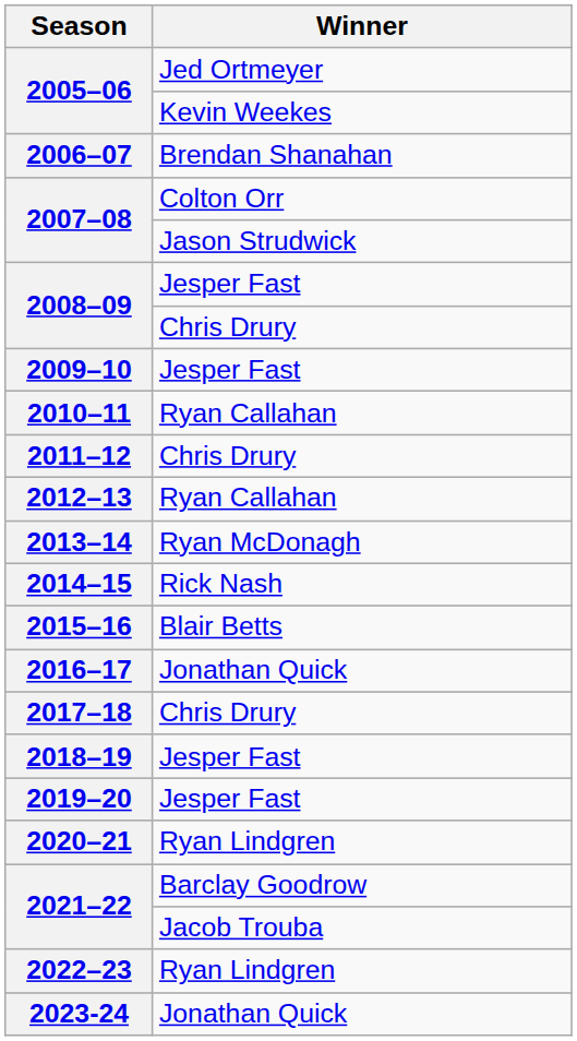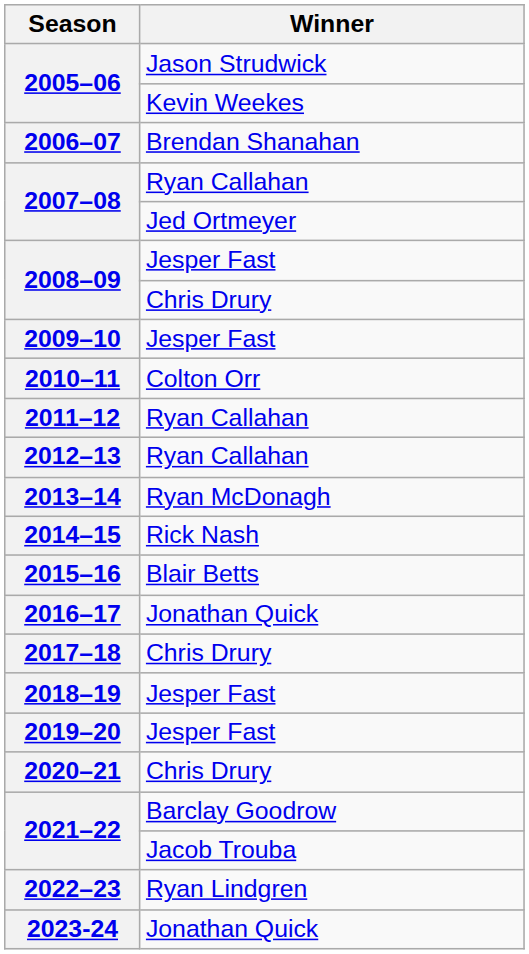 <table class="wikitable">
 <tr>
 <th scope="col" style="width:5em">Season</th>
 <th scope="col" style="width:15em">Winner</th>
 </tr>
 <tr>
 <th scope="row" rowspan="2"><a href='#'>2005–06</a></th>
-<td><a href='#'>Jed Ortmeyer</a></td>
+<td><a href='#'>Jason Strudwick</a></td>
 </tr>
 <tr>
 <td><a href='#'>Kevin Weekes</a></td>
 </tr>
 <tr>
 <th scope="row"><a href='#'>2006–07</a></th>
 <td><a href='#'>Brendan Shanahan</a></td>
 </tr>
 <tr>
 <th scope="row" rowspan="2"><a href='#'>2007–08</a></th>
-<td><a href='#'>Colton Orr</a></td>
+<td><a href='#'>Ryan Callahan</a></td>
 </tr>
 <tr>
-<td><a href='#'>Jason Strudwick</a></td>
+<td><a href='#'>Jed Ortmeyer</a></td>
 </tr>
 <tr>
 <th scope="row" rowspan="2"><a href='#'>2008–09</a></th>
 <td><a href='#'>Jesper Fast</a></td>
 </tr>
 <tr>
 <td><a href='#'>Chris Drury</a></td>
 </tr>
 <tr>
 <th scope="row"><a href='#'>2009–10</a></th>
 <td><a href='#'>Jesper Fast</a></td>
 </tr>
 <tr>
 <th scope="row"><a href='#'>2010–11</a></th>
-<td><a href='#'>Ryan Callahan</a></td>
+<td><a href='#'>Colton Orr</a></td>
 </tr>
 <tr>
 <th scope="row"><a href='#'>2011–12</a></th>
-<td><a href='#'>Chris Drury</a></td>
+<td><a href='#'>Ryan Callahan</a></td>
 </tr>
 <tr>
 <th scope="row"><a href='#'>2012–13</a></th>
 <td><a href='#'>Ryan Callahan</a></td>
 </tr>
 <tr>
 <th scope="row"><a href='#'>2013–14</a></th>
 <td><a href='#'>Ryan McDonagh</a></td>
 </tr>
 <tr>
 <th scope="row"><a href='#'>2014–15</a></th>
 <td><a href='#'>Rick Nash</a></td>
 </tr>
 <tr>
 <th scope="row"><a href='#'>2015–16</a></th>
 <td><a href='#'>Blair Betts</a></td>
 </tr>
 <tr>
 <th scope="row"><a href='#'>2016–17</a></th>
 <td><a href='#'>Jonathan Quick</a></td>
 </tr>
 <tr>
 <th scope="row"><a href='#'>2017–18</a></th>
 <td><a href='#'>Chris Drury</a></td>
 </tr>
 <tr>
 <th scope="row"><a href='#'>2018–19</a></th>
 <td><a href='#'>Jesper Fast</a></td>
 </tr>
 <tr>
 <th scope="row"><a href='#'>2019–20</a></th>
 <td><a href='#'>Jesper Fast</a></td>
 </tr>
 <tr>
 <th scope="row"><a href='#'>2020–21</a></th>
-<td><a href='#'>Ryan Lindgren</a></td>
+<td><a href='#'>Chris Drury</a></td>
 </tr>
 <tr>
 <th scope="row" rowspan="2"><a href='#'>2021–22</a></th>
 <td><a href='#'>Barclay Goodrow</a></td>
 </tr>
 <tr>
 <td><a href='#'>Jacob Trouba</a></td>
 </tr>
 <tr>
 <th scope="row"><a href='#'>2022–23</a></th>
 <td><a href='#'>Ryan Lindgren</a></td>
 </tr>
 <tr>
 <th scope="row"><a href='#'>2023-24</a></th>
 <td><a href='#'>Jonathan Quick</a></td>
 </tr>
 </table>
